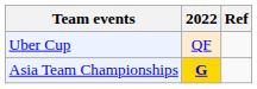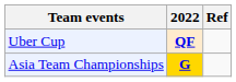 <table class="wikitable" style="font-size: 90%; text-align:center">
 <tr>
 <th>Team events</th>
 <th>2022</th>
 <th>Ref</th>
 </tr>
 <tr>
 <td bgcolor="#ECF2FF"; align="left"><a href='#'>Uber Cup</a></td>
-<td bgcolor=FFEBCD><a href='#'>QF</a></td>
+<td bgcolor=FFEBCD><strong><a href='#'>QF</a></strong></td>
 </tr>
 <tr>
 <td bgcolor="#ECF2FF"; align="left"><a href='#'>Asia Team Championships</a></td>
 <td bgcolor=gold><a href='#'><strong>G</strong></a></td>
 <td></td>
 </tr>
 </table>
